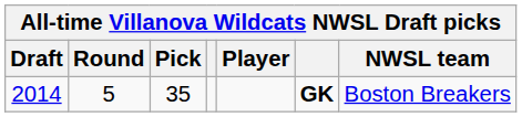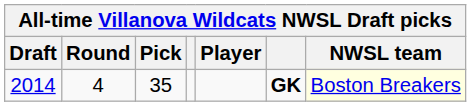 <table class="wikitable sortable" style="text-align: center;">
 <tr>
 <th colspan="7" style="background:#">All-time <a href='#'><span>Villanova Wildcats</span></a> NWSL Draft picks</th>
 </tr>
 <tr>
 <th scope="col">Draft</th>
 <th scope="col">Round</th>
 <th scope="col">Pick</th>
 <th scope="col"></th>
 <th scope="col">Player</th>
 <th scope="col"></th>
 <th scope="col">NWSL team</th>
 </tr>
 <tr>
 <td><a href='#'>2014</a></td>
-<td>5</td>
+<td>4</td>
 <td>35</td>
 <td></td>
 <td></td>
 <td><strong>GK</strong></td>
-<td><a href='#'>Boston Breakers</a></td>
+<td style="background: lightyellow;"><a href='#'>Boston Breakers</a></td>
 </tr>
 </table>
